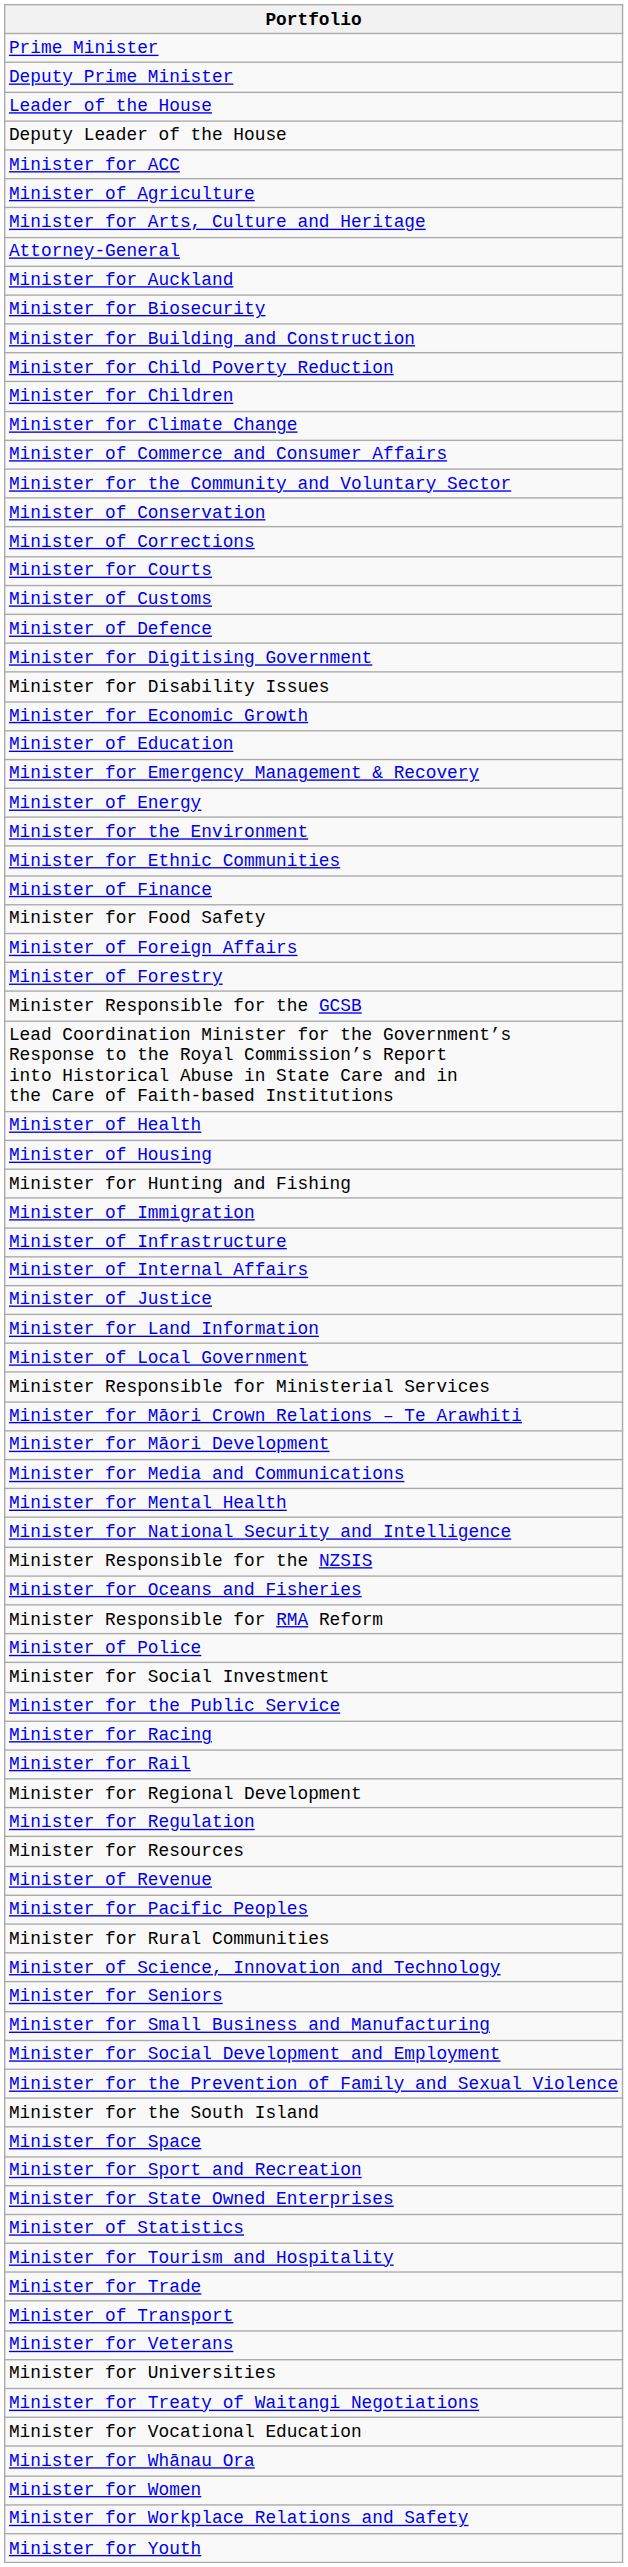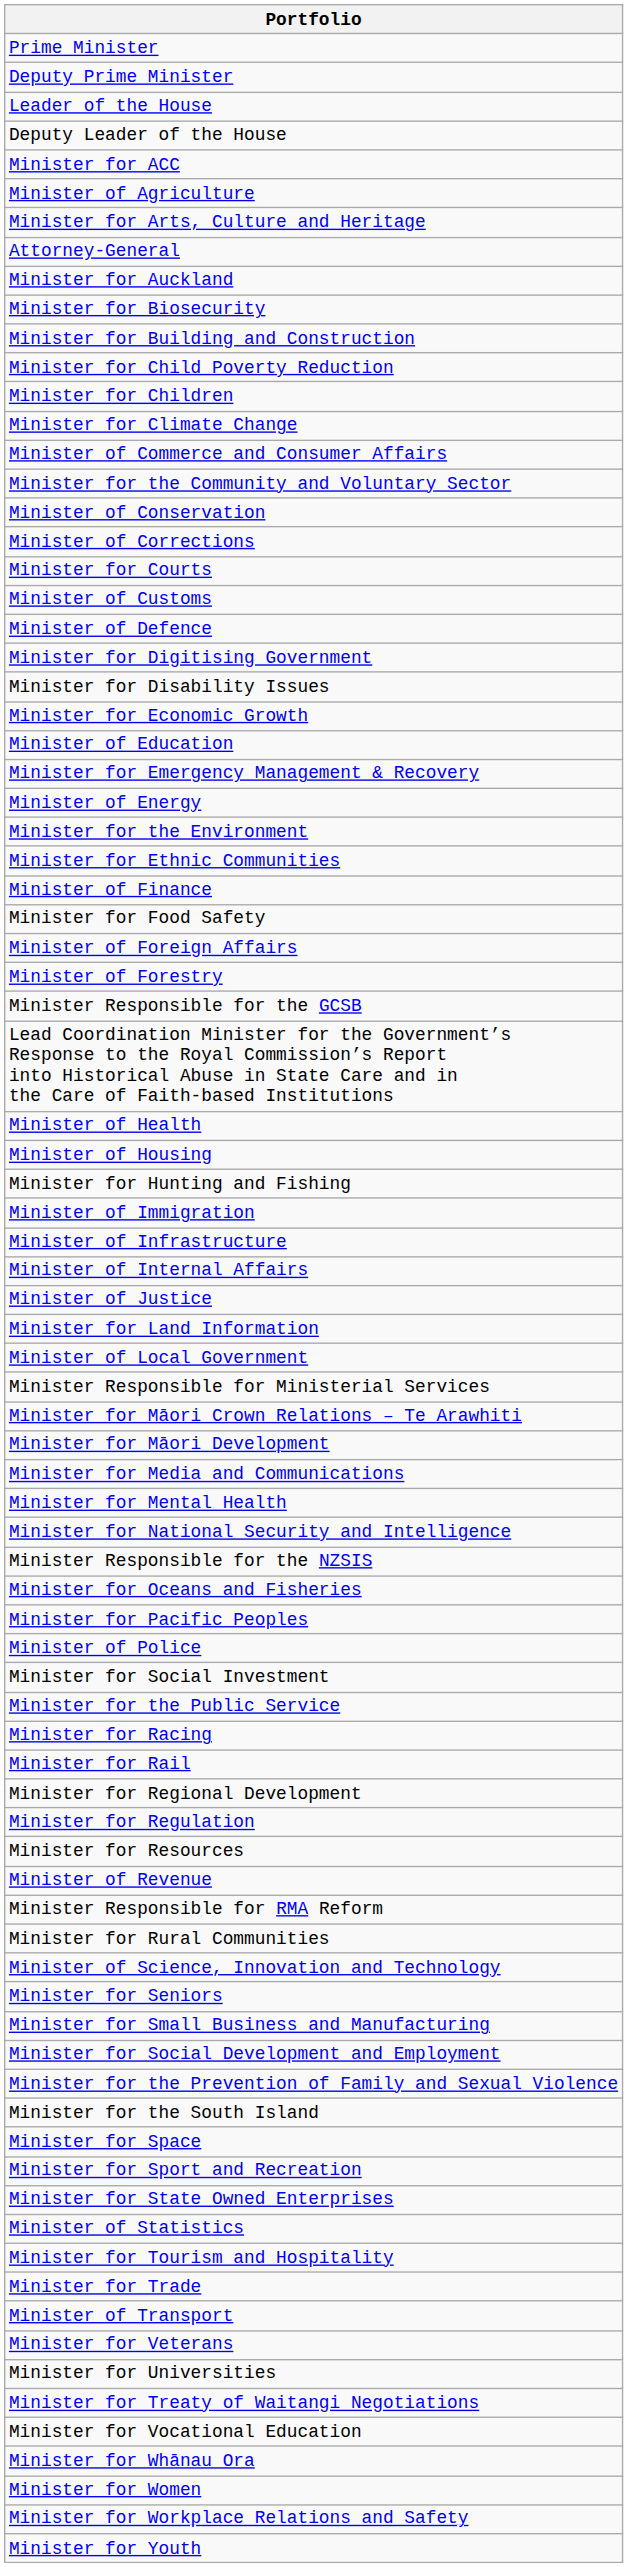 <table class="wikitable collapsible sortable">
 <tr>
 <th>Portfolio</th>
 </tr>
 <tr>
 <td><a href='#'>Prime Minister</a></td>
 </tr>
 <tr>
 <td><a href='#'>Deputy Prime Minister</a></td>
 </tr>
 <tr>
 <td><a href='#'>Leader of the House</a></td>
 </tr>
 <tr>
 <td>Deputy Leader of the House</td>
 </tr>
 <tr>
 <td><a href='#'>Minister for ACC</a></td>
 </tr>
 <tr>
 <td><a href='#'>Minister of Agriculture</a></td>
 </tr>
 <tr>
 <td><a href='#'>Minister for Arts, Culture and Heritage</a></td>
 </tr>
 <tr>
 <td><a href='#'>Attorney-General</a></td>
 </tr>
 <tr>
 <td><a href='#'>Minister for Auckland</a></td>
 </tr>
 <tr>
 <td><a href='#'>Minister for Biosecurity</a></td>
 </tr>
 <tr>
 <td><a href='#'>Minister for Building and Construction</a></td>
 </tr>
 <tr>
 <td><a href='#'>Minister for Child Poverty Reduction</a></td>
 </tr>
 <tr>
 <td><a href='#'>Minister for Children</a></td>
 </tr>
 <tr>
 <td><a href='#'>Minister for Climate Change</a></td>
 </tr>
 <tr>
 <td><a href='#'>Minister of Commerce and Consumer Affairs</a></td>
 </tr>
 <tr>
 <td><a href='#'>Minister for the Community and Voluntary Sector</a></td>
 </tr>
 <tr>
 <td><a href='#'>Minister of Conservation</a></td>
 </tr>
 <tr>
 <td><a href='#'>Minister of Corrections</a></td>
 </tr>
 <tr>
 <td><a href='#'>Minister for Courts</a></td>
 </tr>
 <tr>
 <td><a href='#'>Minister of Customs</a></td>
 </tr>
 <tr>
 <td><a href='#'>Minister of Defence</a></td>
 </tr>
 <tr>
 <td><a href='#'>Minister for Digitising Government</a></td>
 </tr>
 <tr>
 <td>Minister for Disability Issues</td>
 </tr>
 <tr>
 <td><a href='#'>Minister for Economic Growth</a></td>
 </tr>
 <tr>
 <td><a href='#'>Minister of Education</a></td>
 </tr>
 <tr>
 <td><a href='#'>Minister for Emergency Management & Recovery</a></td>
 </tr>
 <tr>
 <td><a href='#'>Minister of Energy</a></td>
 </tr>
 <tr>
 <td><a href='#'>Minister for the Environment</a></td>
 </tr>
 <tr>
 <td><a href='#'>Minister for Ethnic Communities</a></td>
 </tr>
 <tr>
 <td><a href='#'>Minister of Finance</a></td>
 </tr>
 <tr>
 <td>Minister for Food Safety</td>
 </tr>
 <tr>
 <td><a href='#'>Minister of Foreign Affairs</a></td>
 </tr>
 <tr>
 <td><a href='#'>Minister of Forestry</a></td>
 </tr>
 <tr>
 <td>Minister Responsible for the <a href='#'>GCSB</a></td>
 </tr>
 <tr>
 <td>Lead Coordination Minister for the Government’s <br> Response to the Royal Commission’s Report <br> into  Historical Abuse in State Care and in <br> the Care of Faith-based Institutions</td>
 </tr>
 <tr>
 <td><a href='#'>Minister of Health</a></td>
 </tr>
 <tr>
 <td><a href='#'>Minister of Housing</a></td>
 </tr>
 <tr>
 <td>Minister for Hunting and Fishing</td>
 </tr>
 <tr>
 <td><a href='#'>Minister of Immigration</a></td>
 </tr>
 <tr>
 <td><a href='#'>Minister of Infrastructure</a></td>
 </tr>
 <tr>
 <td><a href='#'>Minister of Internal Affairs</a></td>
 </tr>
 <tr>
 <td><a href='#'>Minister of Justice</a></td>
 </tr>
 <tr>
 <td><a href='#'>Minister for Land Information</a></td>
 </tr>
 <tr>
 <td><a href='#'>Minister of Local Government</a></td>
 </tr>
 <tr>
 <td>Minister Responsible for Ministerial Services</td>
 </tr>
 <tr>
 <td><a href='#'>Minister for Māori Crown Relations – Te Arawhiti</a></td>
 </tr>
 <tr>
 <td><a href='#'>Minister for Māori Development</a></td>
 </tr>
 <tr>
 <td><a href='#'>Minister for Media and Communications</a></td>
 </tr>
 <tr>
 <td><a href='#'>Minister for Mental Health</a></td>
 </tr>
 <tr>
 <td><a href='#'>Minister for National Security and Intelligence</a></td>
 </tr>
 <tr>
 <td>Minister Responsible for the <a href='#'>NZSIS</a></td>
 </tr>
 <tr>
 <td><a href='#'>Minister for Oceans and Fisheries</a></td>
 </tr>
 <tr>
-<td>Minister Responsible for <a href='#'>RMA</a> Reform</td>
+<td><a href='#'>Minister for Pacific Peoples</a></td>
 </tr>
 <tr>
 <td><a href='#'>Minister of Police</a></td>
 </tr>
 <tr>
 <td>Minister for Social Investment</td>
 </tr>
 <tr>
 <td><a href='#'>Minister for the Public Service</a></td>
 </tr>
 <tr>
 <td><a href='#'>Minister for Racing</a></td>
 </tr>
 <tr>
 <td><a href='#'>Minister for Rail</a></td>
 </tr>
 <tr>
 <td>Minister for Regional Development</td>
 </tr>
 <tr>
 <td><a href='#'>Minister for Regulation</a></td>
 </tr>
 <tr>
 <td>Minister for Resources</td>
 </tr>
 <tr>
 <td><a href='#'>Minister of Revenue</a></td>
 </tr>
 <tr>
-<td><a href='#'>Minister for Pacific Peoples</a></td>
+<td>Minister Responsible for <a href='#'>RMA</a> Reform</td>
 </tr>
 <tr>
 <td>Minister for Rural Communities</td>
 </tr>
 <tr>
 <td><a href='#'>Minister of Science, Innovation and Technology</a></td>
 </tr>
 <tr>
 <td><a href='#'>Minister for Seniors</a></td>
 </tr>
 <tr>
 <td><a href='#'>Minister for Small Business and Manufacturing</a></td>
 </tr>
 <tr>
 <td><a href='#'>Minister for Social Development and Employment</a></td>
 </tr>
 <tr>
 <td><a href='#'>Minister for the Prevention of Family and Sexual Violence</a></td>
 </tr>
 <tr>
 <td>Minister for the South Island</td>
 </tr>
 <tr>
 <td><a href='#'>Minister for Space</a></td>
 </tr>
 <tr>
 <td><a href='#'>Minister for Sport and Recreation</a></td>
 </tr>
 <tr>
 <td><a href='#'>Minister for State Owned Enterprises</a></td>
 </tr>
 <tr>
 <td><a href='#'>Minister of Statistics</a></td>
 </tr>
 <tr>
 <td><a href='#'>Minister for Tourism and Hospitality</a></td>
 </tr>
 <tr>
 <td><a href='#'>Minister for Trade</a></td>
 </tr>
 <tr>
 <td><a href='#'>Minister of Transport</a></td>
 </tr>
 <tr>
 <td><a href='#'>Minister for Veterans</a></td>
 </tr>
 <tr>
 <td>Minister for Universities</td>
 </tr>
 <tr>
 <td><a href='#'>Minister for Treaty of Waitangi Negotiations</a></td>
 </tr>
 <tr>
 <td>Minister for Vocational Education</td>
 </tr>
 <tr>
 <td><a href='#'>Minister for Whānau Ora</a></td>
 </tr>
 <tr>
 <td><a href='#'>Minister for Women</a></td>
 </tr>
 <tr>
 <td><a href='#'>Minister for Workplace Relations and Safety</a></td>
 </tr>
 <tr>
 <td><a href='#'>Minister for Youth</a></td>
 </tr>
 </table>
